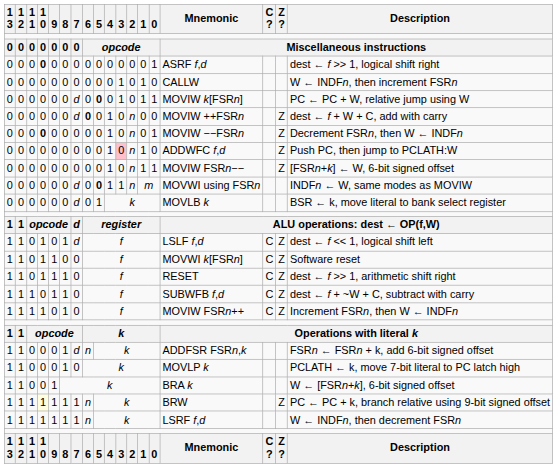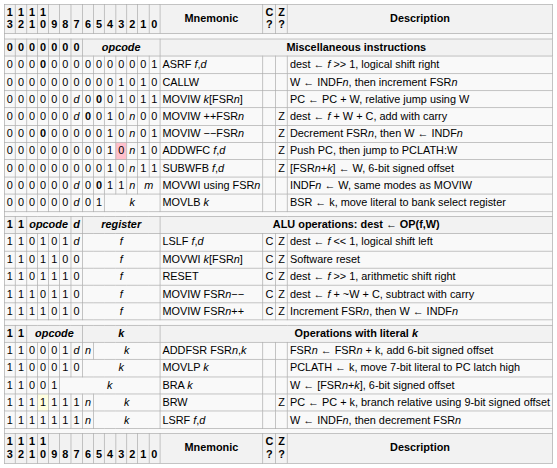 <table class="wikitable" style="text-align:center">
 <tr>
 <th>1<br>3</th>
 <th>1<br>2</th>
 <th>1<br>1</th>
 <th>1<br>0</th>
 <th><br>9</th>
 <th><br>8</th>
 <th><br>7</th>
 <th><br>6</th>
 <th><br>5</th>
 <th><br>4</th>
 <th><br>3</th>
 <th><br>2</th>
 <th><br>1</th>
 <th><br>0</th>
 <th>Mnemonic</th>
 <th>C<br>?</th>
 <th>Z<br>?</th>
 <th>Description</th>
 </tr>
 <tr>
 <td colspan=18></td>
 </tr>
 <tr>
 <th>0</th>
 <th>0</th>
 <th>0</th>
 <th>0</th>
 <th>0</th>
 <th>0</th>
 <th>0</th>
 <th colspan=7><em>opcode</em></th>
 <th colspan=4>Miscellaneous instructions</th>
 </tr>
 <tr>
 <td>0</td>
 <td>0</td>
 <td>0</td>
 <td><strong>0</strong></td>
 <td>0</td>
 <td>0</td>
 <td>0</td>
 <td>0</td>
 <td>0</td>
 <td>0</td>
 <td>0</td>
 <td>0</td>
 <td>0</td>
 <td>1</td>
 <td align=left>ASRF <em>f</em>,<em>d</em></td>
 <td></td>
 <td></td>
 <td align=left>dest ← <em>f</em> >> 1, logical shift right</td>
 </tr>
 <tr>
 <td>0</td>
 <td>0</td>
 <td>0</td>
 <td>0</td>
 <td>0</td>
 <td>0</td>
 <td>0</td>
 <td>0</td>
 <td>0</td>
 <td>0</td>
 <td>1</td>
 <td>0</td>
 <td>1</td>
 <td>0</td>
 <td align=left>CALLW</td>
 <td></td>
 <td></td>
 <td align=left>W ← INDF<em>n</em>, then increment FSR<em>n</em></td>
 </tr>
 <tr>
 <td>0</td>
 <td>0</td>
 <td>0</td>
 <td>0</td>
 <td>0</td>
 <td>0</td>
 <td><em>d</em></td>
 <td>0</td>
 <td><strong>0</strong></td>
 <td>0</td>
 <td>1</td>
 <td>0</td>
 <td>1</td>
 <td>1</td>
 <td align=left>MOVIW <em>k</em>[FSR<em>n</em>]</td>
 <td></td>
 <td></td>
 <td align=left>PC ← PC + W, relative jump using W</td>
 </tr>
 <tr>
 <td>0</td>
 <td>0</td>
 <td>0</td>
 <td>0</td>
 <td>0</td>
 <td>0</td>
 <td><em>d</em></td>
 <td><strong>0</strong></td>
 <td>0</td>
 <td>1</td>
 <td>0</td>
 <td><em>n</em></td>
 <td>0</td>
 <td>0</td>
 <td align=left>MOVIW ++FSR<em>n</em></td>
 <td></td>
 <td>Z</td>
 <td align=left>dest ← <em>f</em> + W + C, add with carry</td>
 </tr>
 <tr>
 <td>0</td>
 <td>0</td>
 <td>0</td>
 <td><strong>0</strong></td>
 <td>0</td>
 <td>0</td>
 <td>0</td>
 <td>0</td>
 <td>0</td>
 <td>1</td>
 <td>0</td>
 <td><em>n</em></td>
 <td>0</td>
 <td>1</td>
 <td align=left>MOVIW −−FSR<em>n</em></td>
 <td></td>
 <td>Z</td>
 <td align=left>Decrement FSR<em>n</em>, then W ← INDF<em>n</em></td>
 </tr>
 <tr>
 <td>0</td>
 <td>0</td>
 <td>0</td>
 <td>0</td>
 <td>0</td>
 <td>0</td>
 <td>0</td>
 <td>0</td>
 <td>0</td>
 <td>1</td>
 <td style="background: pink;">0</td>
 <td><em>n</em></td>
 <td>1</td>
 <td>0</td>
 <td align=left>ADDWFC <em>f</em>,<em>d</em></td>
 <td></td>
 <td>Z</td>
 <td align=left>Push PC, then jump to PCLATH:W</td>
 </tr>
 <tr>
 <td>0</td>
 <td>0</td>
 <td>0</td>
 <td>0</td>
 <td>0</td>
 <td>0</td>
 <td>0</td>
 <td>0</td>
 <td>0</td>
 <td>1</td>
 <td>0</td>
 <td><em>n</em></td>
 <td>1</td>
 <td>1</td>
-<td align=left>MOVIW FSR<em>n</em>−−</td>
+<td align=left>SUBWFB <em>f</em>,<em>d</em></td>
 <td></td>
 <td>Z</td>
 <td align=left>[FSR<em>n</em>+<em>k</em>] ← W, 6-bit signed offset</td>
 </tr>
 <tr>
 <td>0</td>
 <td>0</td>
 <td>0</td>
 <td>0</td>
 <td>0</td>
 <td>0</td>
 <td><em>d</em></td>
 <td>0</td>
 <td><strong>0</strong></td>
 <td>1</td>
 <td>1</td>
 <td><em>n</em></td>
 <td colspan=2><em>m</em></td>
 <td align=left>MOVWI using FSR<em>n</em></td>
 <td></td>
 <td></td>
 <td align=left>INDF<em>n</em> ← W, same modes as MOVIW</td>
 </tr>
 <tr>
 <td>0</td>
 <td>0</td>
 <td>0</td>
 <td>0</td>
 <td>0</td>
 <td>0</td>
 <td><em>d</em></td>
 <td>0</td>
 <td>1</td>
 <td colspan=5><em>k</em></td>
 <td align=left>MOVLB <em>k</em></td>
 <td></td>
 <td></td>
 <td align=left>BSR ← k, move literal to bank select register</td>
 </tr>
 <tr>
 <td colspan=18></td>
 </tr>
 <tr>
 <th>1</th>
 <th>1</th>
 <th colspan=4><em>opcode</em></th>
 <th><em>d</em></th>
 <th colspan=7><em>register</em></th>
 <th colspan=4>ALU operations: dest ← OP(f,W)</th>
 </tr>
 <tr>
 <td>1</td>
 <td>1</td>
 <td>0</td>
 <td>1</td>
 <td>0</td>
 <td>1</td>
 <td><em>d</em></td>
 <td colspan=7><em>f</em></td>
 <td align=left>LSLF <em>f</em>,<em>d</em></td>
 <td>C</td>
 <td>Z</td>
 <td align=left>dest ← <em>f</em> << 1, logical shift left</td>
 </tr>
 <tr>
 <td>1</td>
 <td>1</td>
 <td>0</td>
 <td>1</td>
 <td>1</td>
 <td>0</td>
 <td>0</td>
 <td colspan=7><em>f</em></td>
 <td align=left>MOVWI <em>k</em>[FSR<em>n</em>]</td>
 <td>C</td>
 <td>Z</td>
 <td align=left>Software reset</td>
 </tr>
 <tr>
 <td>1</td>
 <td>1</td>
 <td>0</td>
 <td>1</td>
 <td>1</td>
 <td>1</td>
 <td>0</td>
 <td colspan=7><em>f</em></td>
 <td align=left>RESET</td>
 <td>C</td>
 <td>Z</td>
 <td align=left>dest ← <em>f</em> >> 1, arithmetic shift right</td>
 </tr>
 <tr>
 <td>1</td>
 <td>1</td>
 <td>1</td>
 <td>0</td>
 <td>1</td>
 <td>1</td>
 <td>0</td>
 <td colspan=7><em>f</em></td>
-<td align=left>SUBWFB <em>f</em>,<em>d</em></td>
+<td align=left>MOVIW FSR<em>n</em>−−</td>
 <td>C</td>
 <td>Z</td>
 <td align=left>dest ← <em>f</em> + ~W + C, subtract with carry</td>
 </tr>
 <tr>
 <td>1</td>
 <td>1</td>
 <td>1</td>
 <td>1</td>
 <td>0</td>
 <td>1</td>
 <td>0</td>
 <td colspan=7><em>f</em></td>
 <td align=left>MOVIW FSR<em>n</em>++</td>
 <td>C</td>
 <td>Z</td>
 <td align=left>Increment FSR<em>n</em>, then W ← INDF<em>n</em></td>
 </tr>
 <tr>
 <td colspan=18></td>
 </tr>
 <tr>
 <th>1</th>
 <th>1</th>
 <th colspan=5><em>opcode</em></th>
 <th colspan=7><em>k</em></th>
 <th colspan=4>Operations with literal <em>k</em></th>
 </tr>
 <tr>
 <td>1</td>
 <td>1</td>
 <td>0</td>
 <td>0</td>
 <td>0</td>
 <td>1</td>
 <td><em>d</em></td>
 <td><em>n</em></td>
 <td colspan=6><em>k</em></td>
 <td align=left>ADDFSR FSR<em>n</em>,<em>k</em></td>
 <td></td>
 <td></td>
 <td align=left>FSR<em>n</em> ← FSR<em>n</em> + k, add 6-bit signed offset</td>
 </tr>
 <tr>
 <td>1</td>
 <td>1</td>
 <td>0</td>
 <td>0</td>
 <td>0</td>
 <td>1</td>
 <td>0</td>
 <td colspan=7><em>k</em></td>
 <td align=left>MOVLP <em>k</em></td>
 <td></td>
 <td></td>
 <td align=left>PCLATH ← k, move 7-bit literal to PC latch high</td>
 </tr>
 <tr>
 <td>1</td>
 <td>1</td>
 <td>0</td>
 <td>0</td>
 <td>1</td>
 <td colspan=9><em>k</em></td>
 <td align=left>BRA <em>k</em></td>
 <td></td>
 <td></td>
 <td align=left>W ← [FSR<em>n</em>+<em>k</em>], 6-bit signed offset</td>
 </tr>
 <tr>
 <td>1</td>
 <td>1</td>
 <td>1</td>
 <td style="background: lightyellow;">1</td>
 <td>1</td>
 <td>1</td>
 <td>1</td>
 <td><em>n</em></td>
 <td colspan=6><em>k</em></td>
 <td align=left>BRW</td>
 <td></td>
 <td>Z</td>
 <td align=left>PC ← PC + k, branch relative using 9-bit signed offset</td>
 </tr>
 <tr>
 <td>1</td>
 <td>1</td>
 <td>1</td>
 <td>1</td>
 <td>1</td>
 <td>1</td>
 <td>1</td>
 <td><em>n</em></td>
 <td colspan=6><em>k</em></td>
 <td align=left>LSRF <em>f</em>,<em>d</em></td>
 <td></td>
 <td></td>
 <td align=left>W ← INDF<em>n</em>, then decrement FSR<em>n</em></td>
 </tr>
 <tr>
 <td colspan=18></td>
 </tr>
 <tr>
 <th>1<br>3</th>
 <th>1<br>2</th>
 <th>1<br>1</th>
 <th>1<br>0</th>
 <th><br>9</th>
 <th><br>8</th>
 <th><br>7</th>
 <th><br>6</th>
 <th><br>5</th>
 <th><br>4</th>
 <th><br>3</th>
 <th><br>2</th>
 <th><br>1</th>
 <th><br>0</th>
 <th>Mnemonic</th>
 <th>C<br>?</th>
 <th>Z<br>?</th>
 <th>Description</th>
 </tr>
 </table>
